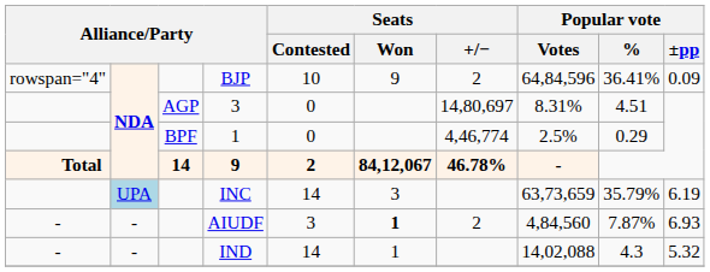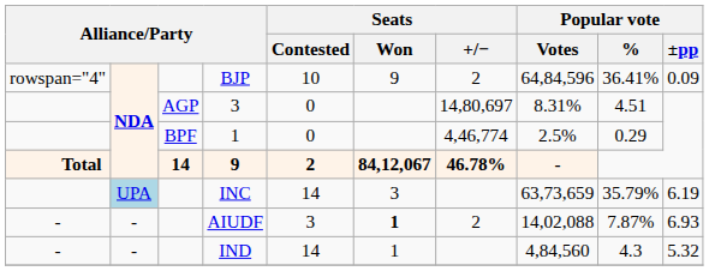 <table class="wikitable sortable" style="text-align:center;">
 <tr>
 <th colspan="4" rowspan="2">Alliance/Party</th>
 <th colspan="3">Seats</th>
 <th colspan="3">Popular vote</th>
 </tr>
 <tr>
 <th>Contested</th>
 <th>Won</th>
 <th><strong>+/−</strong></th>
 <th>Votes</th>
 <th>%</th>
 <th>±<a href='#'>pp</a></th>
 </tr>
 <tr>
 <td>rowspan="4" </td>
 <th rowspan="4"style="background:#fef3e8"><a href='#'>NDA</a></th>
 <td></td>
 <td><a href='#'>BJP</a></td>
 <td>10</td>
 <td>9</td>
 <td>2</td>
 <td>64,84,596</td>
 <td>36.41%</td>
 <td>0.09</td>
 </tr>
 <tr>
 <td></td>
 <td><a href='#'>AGP</a></td>
 <td>3</td>
 <td>0</td>
 <td></td>
 <td>14,80,697</td>
 <td>8.31%</td>
 <td>4.51</td>
 </tr>
 <tr>
 <td></td>
 <td><a href='#'>BPF</a></td>
 <td>1</td>
 <td>0</td>
 <td></td>
 <td>4,46,774</td>
 <td>2.5%</td>
 <td>0.29</td>
 </tr>
 <tr>
 <th colspan="2"style="background:#fef3e8">Total</th>
 <th style="background:#fef3e8">14</th>
 <th style="background:#fef3e8">9</th>
 <th style="background:#fef3e8">2</th>
 <th style="background:#fef3e8">84,12,067</th>
 <th style="background:#fef3e8">46.78%</th>
 <th style="background:#fef3e8">-</th>
 </tr>
 <tr>
 <td bgcolor=></td>
 <td style="background:#ADD8E6"><a href='#'>UPA</a></td>
 <td></td>
 <td><a href='#'>INC</a></td>
 <td>14</td>
 <td>3</td>
 <td></td>
 <td>63,73,659</td>
 <td>35.79%</td>
 <td>6.19</td>
 </tr>
 <tr>
 <td>-</td>
 <td>-</td>
 <td></td>
 <td><a href='#'>AIUDF</a></td>
 <td>3</td>
 <td><strong>1</strong></td>
 <td>2</td>
-<td>4,84,560</td>
+<td>14,02,088</td>
 <td>7.87%</td>
 <td>6.93</td>
 </tr>
 <tr>
 <td>-</td>
 <td>-</td>
 <td></td>
 <td><a href='#'>IND</a></td>
 <td>14</td>
 <td>1</td>
 <td></td>
-<td>14,02,088</td>
+<td>4,84,560</td>
 <td>4.3</td>
 <td>5.32</td>
 </tr>
 <tr>
 </tr>
 </table>
